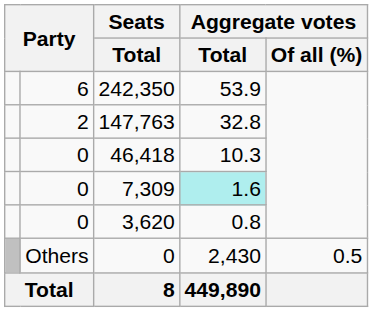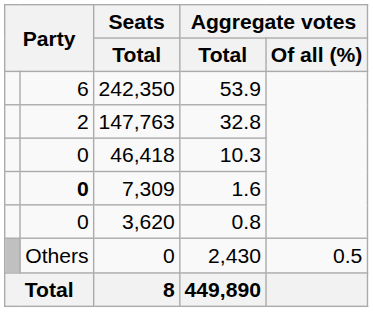 <table class="wikitable" style="text-align:right; font-size:95%;">
 <tr>
 <th colspan="2" rowspan="2">Party</th>
 <th>Seats</th>
 <th colspan="2">Aggregate votes</th>
 </tr>
 <tr>
 <th>Total</th>
 <th>Total</th>
 <th>Of all (%)</th>
 </tr>
 <tr>
 <td></td>
 <td>6</td>
 <td>242,350</td>
 <td>53.9</td>
 </tr>
 <tr>
 <td></td>
 <td>2</td>
 <td>147,763</td>
 <td>32.8</td>
 </tr>
 <tr>
 <td></td>
 <td>0</td>
 <td>46,418</td>
 <td>10.3</td>
 </tr>
 <tr>
 <td></td>
-<td>0</td>
+<td><strong>0</strong></td>
 <td>7,309</td>
-<td style="background: paleturquoise;">1.6</td>
+<td>1.6</td>
 </tr>
 <tr>
 <td></td>
 <td>0</td>
 <td>3,620</td>
 <td>0.8</td>
 </tr>
 <tr>
 <td style="background:silver;"> </td>
 <td align=left>Others</td>
 <td>0</td>
 <td>2,430</td>
 <td>0.5</td>
 </tr>
 <tr>
 <th colspan="2" style="background:#f2f2f2"><strong>Total</strong></th>
 <td style="background:#f2f2f2;"><strong>8</strong></td>
 <td style="background:#f2f2f2;"><strong>449,890</strong></td>
 <td style="background:#f2f2f2;"></td>
 </tr>
 </table>
